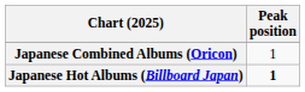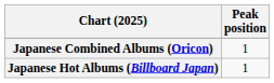 <table class="wikitable sortable plainrowheaders" style="text-align:center">
 <tr>
 <th scope="col">Chart (2025)</th>
 <th scope="col">Peak<br>position</th>
 </tr>
 <tr>
 </tr>
 <tr>
 <th scope="row">Japanese Combined Albums (<a href='#'>Oricon</a>)</th>
 <td>1</td>
 </tr>
 <tr>
 <th scope="row">Japanese Hot Albums (<em><a href='#'>Billboard Japan</a></em>)</th>
-<td><strong>1</strong></td>
+<td>1</td>
 </tr>
 </table>
